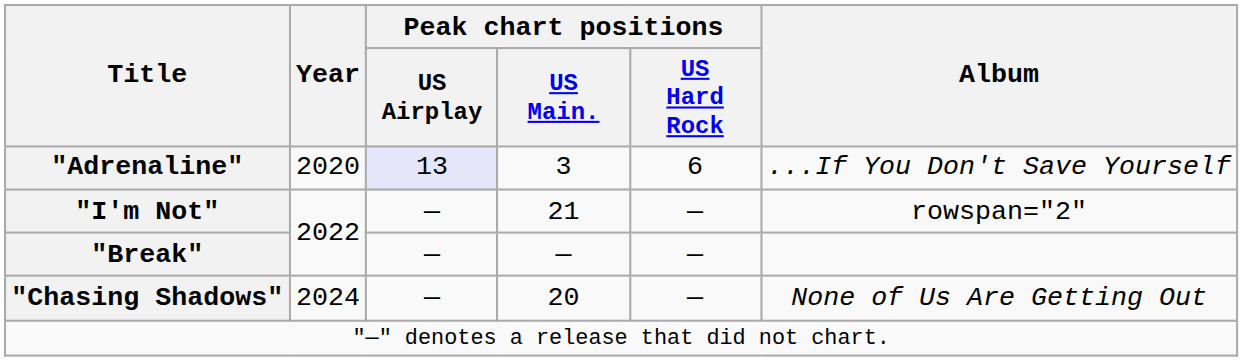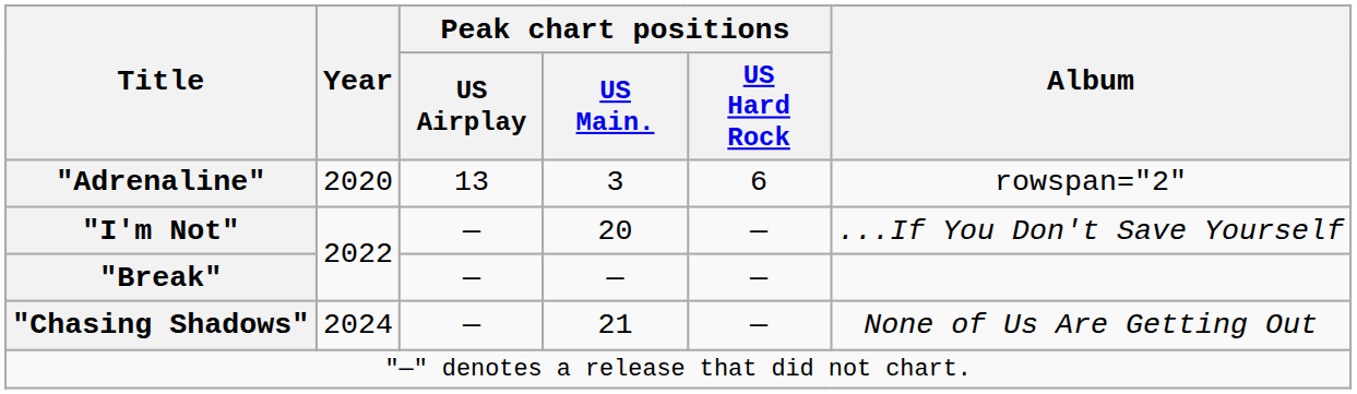 <table class="wikitable plainrowheaders" style="text-align:center;">
 <tr>
 <th rowspan="2" scope="col">Title</th>
 <th rowspan="2" scope="col">Year</th>
 <th scope="col" colspan="3">Peak chart positions</th>
 <th rowspan="2" scope="col">Album</th>
 </tr>
 <tr>
 <th style="width:5em; font-size:90%;">US<br>Airplay</th>
 <th style="width:5em; font-size:90%;"><a href='#'>US<br>Main.</a><br></th>
 <th style="width:5em; font-size:90%;"><a href='#'>US<br>Hard Rock</a><br></th>
 </tr>
 <tr>
 <th scope="row">"Adrenaline" </th>
 <td>2020</td>
-<td style="background: lavender;">13</td>
+<td>13</td>
 <td>3</td>
 <td>6</td>
-<td><em>...If You Don't Save Yourself</em></td>
+<td>rowspan="2" </td>
 </tr>
 <tr>
 <th scope="row">"I'm Not"</th>
 <td rowspan="2">2022</td>
 <td>—</td>
-<td>21</td>
+<td>20</td>
 <td>—</td>
-<td>rowspan="2" </td>
+<td><em>...If You Don't Save Yourself</em></td>
 </tr>
 <tr>
 <th scope="row">"Break" </th>
 <td>—</td>
 <td>—</td>
 <td>—</td>
 </tr>
 <tr>
 <th scope="row">"Chasing Shadows" </th>
 <td>2024</td>
 <td>—</td>
-<td>20</td>
+<td>21</td>
 <td>—</td>
 <td><em>None of Us Are Getting Out</em></td>
 </tr>
 <tr>
 <td align="center" colspan="12" style="font-size: 8pt">"—" denotes a release that did not chart.</td>
 </tr>
 </table>
